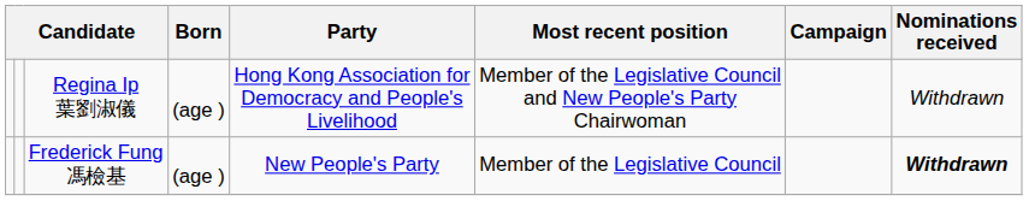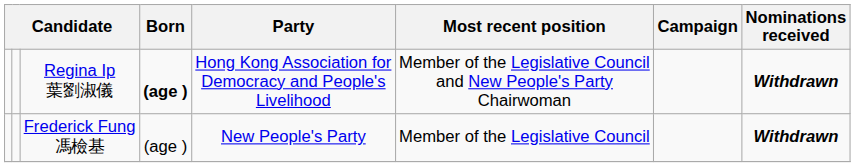 <table class="wikitable sortable" style="text-align:center;">
 <tr>
 <th colspan=3>Candidate</th>
 <th>Born</th>
 <th>Party</th>
 <th>Most recent position</th>
 <th data-sort-type="date">Campaign</th>
 <th>Nominations<br>received</th>
 </tr>
 <tr>
 <td bgcolor=></td>
 <td data-sort-value="Ip"></td>
 <td><a href='#'>Regina Ip</a><br>葉劉淑儀</td>
-<td><br>(age )</td>
+<td><strong><br>(age )</strong></td>
 <td><a href='#'>Hong Kong Association for<br>Democracy and People's<br>Livelihood</a><br></td>
 <td>Member of the <a href='#'>Legislative Council</a><br>and <a href='#'>New People's Party</a><br>Chairwoman<br></td>
 <td data-sort-value="02-20-2012"><br></td>
-<td><em>Withdrawn</em></td>
+<td><strong><em>Withdrawn</em></strong></td>
 </tr>
 <tr>
 <td bgcolor=></td>
 <td data-sort-value="Fung"></td>
 <td><a href='#'>Frederick Fung</a><br>馮檢基</td>
 <td><br>(age )</td>
 <td><a href='#'>New People's Party</a><br></td>
 <td>Member of the <a href='#'>Legislative Council</a><br></td>
 <td data-sort-value="12-08-2011"><br></td>
 <td><strong><em>Withdrawn</em></strong></td>
 </tr>
 <tr>
 </tr>
 </table>
